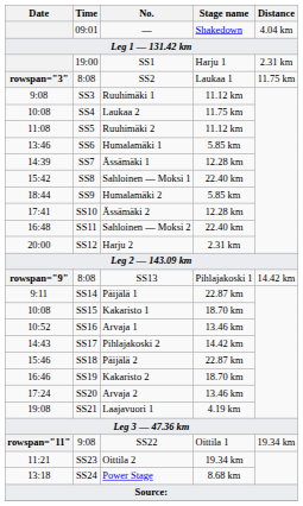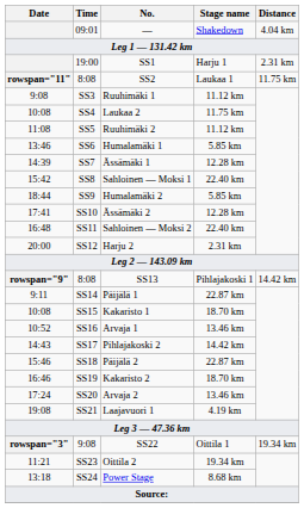 <table class="wikitable" style="font-size: 85%;">
 <tr>
 <th>Date</th>
 <th>Time</th>
 <th>No.</th>
 <th>Stage name</th>
 <th>Distance</th>
 </tr>
 <tr>
 <th></th>
 <td align="center">09:01</td>
 <td align="center">—</td>
 <td><a href='#'>Shakedown</a></td>
 <td align="center">4.04 km</td>
 </tr>
 <tr>
 <td style="background-color:#EAECF0; text-align:center" colspan="5"><strong><em>Leg 1 — 131.42 km</em></strong></td>
 </tr>
 <tr>
 <th></th>
 <td align="center">19:00</td>
 <td align="center">SS1</td>
 <td>Harju 1</td>
 <td align="center">2.31 km</td>
 </tr>
 <tr>
-<th>rowspan="3" </th>
+<th>rowspan="11" </th>
 <td align="center">8:08</td>
 <td align="center">SS2</td>
 <td>Laukaa 1</td>
 <td align="center">11.75 km</td>
 </tr>
 <tr>
 <td align="center">9:08</td>
 <td align="center">SS3</td>
 <td>Ruuhimäki 1</td>
 <td align="center">11.12 km</td>
 </tr>
 <tr>
 <td align="center">10:08</td>
 <td align="center">SS4</td>
 <td>Laukaa 2</td>
 <td align="center">11.75 km</td>
 </tr>
 <tr>
 <td align="center">11:08</td>
 <td align="center">SS5</td>
 <td>Ruuhimäki 2</td>
 <td align="center">11.12 km</td>
 </tr>
 <tr>
 <td align="center">13:46</td>
 <td align="center">SS6</td>
 <td>Humalamäki 1</td>
 <td align="center">5.85 km</td>
 </tr>
 <tr>
 <td align="center">14:39</td>
 <td align="center">SS7</td>
 <td>Ässämäki 1</td>
 <td align="center">12.28 km</td>
 </tr>
 <tr>
 <td align="center">15:42</td>
 <td align="center">SS8</td>
 <td>Sahloinen — Moksi 1</td>
 <td align="center">22.40 km</td>
 </tr>
 <tr>
 <td align="center">18:44</td>
 <td align="center">SS9</td>
 <td>Humalamäki 2</td>
 <td align="center">5.85 km</td>
 </tr>
 <tr>
 <td align="center">17:41</td>
 <td align="center">SS10</td>
 <td>Ässämäki 2</td>
 <td align="center">12.28 km</td>
 </tr>
 <tr>
 <td align="center">16:48</td>
 <td align="center">SS11</td>
 <td>Sahloinen — Moksi 2</td>
 <td align="center">22.40 km</td>
 </tr>
 <tr>
 <td align="center">20:00</td>
 <td align="center">SS12</td>
 <td>Harju 2</td>
 <td align="center">2.31 km</td>
 </tr>
 <tr>
 <td style="background-color:#EAECF0; text-align:center" colspan="5"><strong><em>Leg 2 — 143.09 km</em></strong></td>
 </tr>
 <tr>
 <th>rowspan="9" </th>
 <td align="center">8:08</td>
 <td align="center">SS13</td>
 <td>Pihlajakoski 1</td>
 <td align="center">14.42 km</td>
 </tr>
 <tr>
 <td align="center">9:11</td>
 <td align="center">SS14</td>
 <td>Päijälä 1</td>
 <td align="center">22.87 km</td>
 </tr>
 <tr>
 <td align="center">10:08</td>
 <td align="center">SS15</td>
 <td>Kakaristo 1</td>
 <td align="center">18.70 km</td>
 </tr>
 <tr>
 <td align="center">10:52</td>
 <td align="center">SS16</td>
 <td>Arvaja 1</td>
 <td align="center">13.46 km</td>
 </tr>
 <tr>
 <td align="center">14:43</td>
 <td align="center">SS17</td>
 <td>Pihlajakoski 2</td>
 <td align="center">14.42 km</td>
 </tr>
 <tr>
 <td align="center">15:46</td>
 <td align="center">SS18</td>
 <td>Päijälä 2</td>
 <td align="center">22.87 km</td>
 </tr>
 <tr>
 <td align="center">16:46</td>
 <td align="center">SS19</td>
 <td>Kakaristo 2</td>
 <td align="center">18.70 km</td>
 </tr>
 <tr>
 <td align="center">17:24</td>
 <td align="center">SS20</td>
 <td>Arvaja 2</td>
 <td align="center">13.46 km</td>
 </tr>
 <tr>
 <td align="center">19:08</td>
 <td align="center">SS21</td>
 <td>Laajavuori 1</td>
 <td align="center">4.19 km</td>
 </tr>
 <tr>
 <td style="background-color:#EAECF0; text-align:center" colspan="5"><strong><em>Leg 3 — 47.36 km</em></strong></td>
 </tr>
 <tr>
-<th>rowspan="11" </th>
+<th>rowspan="3" </th>
 <td align="center">9:08</td>
 <td align="center">SS22</td>
 <td>Oittila 1</td>
 <td align="center">19.34 km</td>
 </tr>
 <tr>
 <td align="center">11:21</td>
 <td align="center">SS23</td>
 <td>Oittila 2</td>
 <td align="center">19.34 km</td>
 </tr>
 <tr>
 <td align="center">13:18</td>
 <td align="center">SS24</td>
 <td><a href='#'>Power Stage</a></td>
 <td align="center">8.68 km</td>
 </tr>
 <tr>
 <td style="background-color:#EAECF0; text-align:center" colspan="5"><strong>Source:</strong></td>
 </tr>
 <tr>
 </tr>
 </table>
